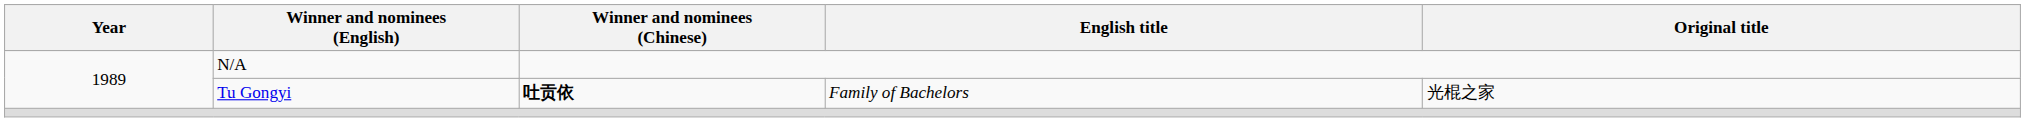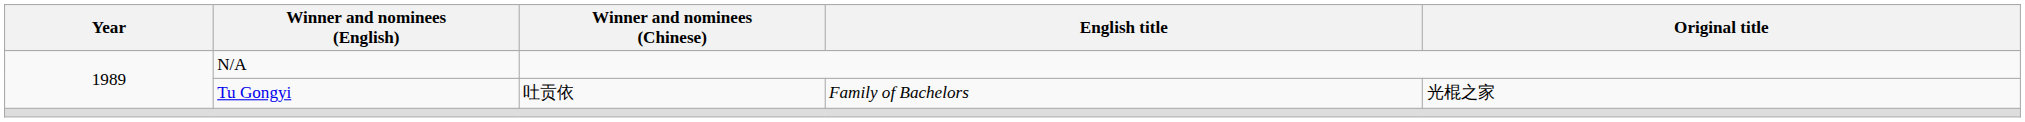 <table class="wikitable" width="95%" cellpadding="5">
 <tr>
 <th width="100"><strong>Year</strong></th>
 <th width="150"><strong>Winner and nominees<br>(English)</strong></th>
 <th width="150"><strong>Winner and nominees<br>(Chinese)</strong></th>
 <th width="300"><strong>English title</strong></th>
 <th width="300"><strong>Original title</strong></th>
 </tr>
 <tr>
 <td rowspan="2" style="text-align:center;">1989</td>
 <td>N/A</td>
 </tr>
 <tr>
 <td><a href='#'>Tu Gongyi</a></td>
-<td><strong>吐贡依</strong></td>
+<td>吐贡依</td>
 <td><em>Family of Bachelors</em></td>
 <td>光棍之家</td>
 </tr>
 <tr bgcolor=#DDDDDD>
 <td colspan=5></td>
 </tr>
 </table>
